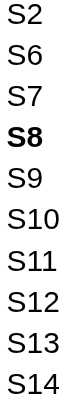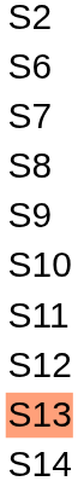 <table>
 <tr>
 <td>S2</td>
 <td></td>
 <td></td>
 <td></td>
 </tr>
 <tr>
 <td>S6</td>
 <td></td>
 <td></td>
 <td></td>
 </tr>
 <tr>
 <td>S7</td>
 <td></td>
 <td></td>
 <td></td>
 </tr>
 <tr>
-<td><strong>S8</strong></td>
+<td>S8</td>
 <td></td>
 <td></td>
 <td></td>
 </tr>
 <tr>
 <td>S9</td>
 <td></td>
 <td></td>
 <td></td>
 </tr>
 <tr>
 <td>S10</td>
 <td></td>
 <td></td>
 <td></td>
 </tr>
 <tr>
 <td>S11</td>
 <td></td>
 <td></td>
 <td></td>
 </tr>
 <tr>
 <td>S12</td>
 <td></td>
 <td></td>
 <td></td>
 </tr>
 <tr>
-<td>S13</td>
+<td style="background: lightsalmon;">S13</td>
 <td></td>
 <td></td>
 <td></td>
 </tr>
 <tr>
 <td>S14</td>
 <td></td>
 <td></td>
 <td></td>
 </tr>
 </table>
